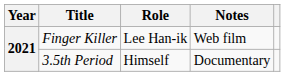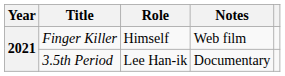 <table class="wikitable plainrowheaders sortable">
 <tr>
 <th scope="col">Year</th>
 <th scope="col">Title</th>
 <th scope="col">Role</th>
 <th scope="col">Notes</th>
 <th scope="col" class="unsortable"></th>
 </tr>
 <tr>
 <th scope="row" rowspan="2">2021</th>
 <td><em>Finger Killer</em></td>
-<td>Lee Han-ik</td>
+<td>Himself</td>
 <td>Web film</td>
 <td style="text-align:center"></td>
 </tr>
 <tr>
 <td><em>3.5th Period</em></td>
-<td>Himself</td>
+<td>Lee Han-ik</td>
 <td>Documentary</td>
 <td style="text-align:center"></td>
 </tr>
 </table>
